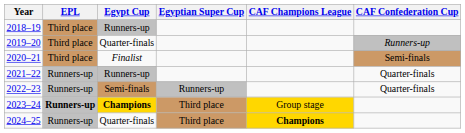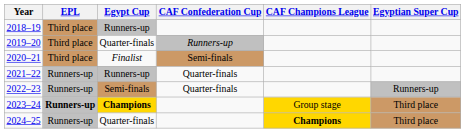 <table class="wikitable collapsible " style="text-align: center;">
 <tr>
 <th>Year</th>
 <th><a href='#'>EPL</a></th>
 <th><a href='#'>Egypt Cup</a></th>
+<th><a href='#'>CAF Confederation Cup</a></th>
+<th><a href='#'>CAF Champions League</a></th>
 <th><a href='#'>Egyptian Super Cup</a></th>
-<th><a href='#'>CAF Champions League</a></th>
-<th><a href='#'>CAF Confederation Cup</a></th>
 </tr>
 <tr>
 <td><a href='#'>2018–19</a></td>
 <td bgcolor="#cc9966">Third place</td>
 <td bgcolor=silver>Runners-up</td>
 <td><em></em></td>
 <td><em></em></td>
 <td><em></em></td>
 </tr>
 <tr>
 <td><a href='#'>2019–20</a></td>
 <td bgcolor="#cc9966">Third place</td>
 <td>Quarter-finals</td>
+<td bgcolor=silver><em>Runners-up</em></td>
 <td><em></em></td>
 <td><em></em></td>
-<td bgcolor=silver><em>Runners-up</em></td>
 </tr>
 <tr>
 <td><a href='#'>2020–21</a></td>
 <td bgcolor="#cc9966">Third place</td>
 <td bgcolor=><em>Finalist</em></td>
+<td bgcolor="#cc9966">Semi-finals</td>
 <td><em></em></td>
 <td><em></em></td>
-<td bgcolor="#cc9966">Semi-finals</td>
 </tr>
 <tr>
 <td><a href='#'>2021–22</a></td>
 <td bgcolor=silver>Runners-up</td>
 <td bgcolor=silver>Runners-up</td>
+<td>Quarter-finals</td>
 <td><em></em></td>
 <td><em></em></td>
-<td>Quarter-finals</td>
 </tr>
 <tr>
 <td><a href='#'>2022–23</a></td>
 <td bgcolor=silver>Runners-up</td>
 <td bgcolor="#cc9966">Semi-finals</td>
+<td>Quarter-finals</td>
+<td><em></em></td>
 <td bgcolor=silver>Runners-up</td>
-<td><em></em></td>
-<td>Quarter-finals</td>
 </tr>
 <tr>
 <td><a href='#'>2023–24</a></td>
 <td bgcolor=silver><strong>Runners-up</strong></td>
 <td bgcolor=gold><strong>Champions</strong></td>
+<td><em></em></td>
+<td style="background: gold;">Group stage</td>
 <td bgcolor="#cc9966">Third place</td>
-<td style="background: gold;">Group stage</td>
-<td><em></em></td>
 </tr>
 <tr>
 <td><a href='#'>2024–25</a></td>
 <td bgcolor=silver>Runners-up</td>
 <td>Quarter-finals</td>
+<td><em></em></td>
+<td bgcolor=gold><strong>Champions</strong></td>
 <td bgcolor="#cc9966">Third place</td>
-<td bgcolor=gold><strong>Champions</strong></td>
-<td><em></em></td>
 </tr>
 </table>
